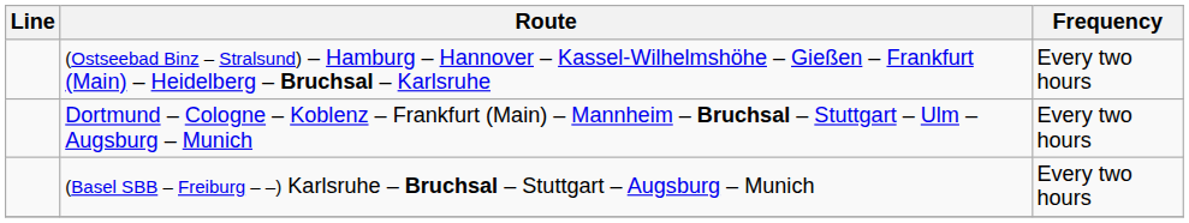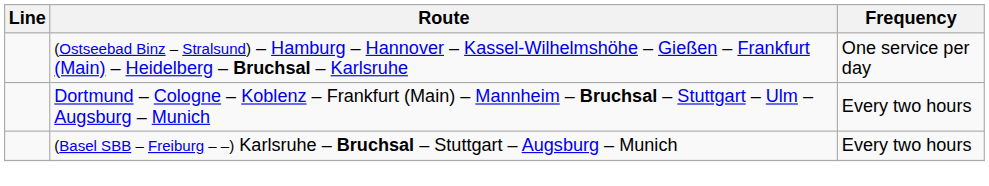 <table class="wikitable">
 <tr style="background-color:#e3e3e3;">
 <th>Line</th>
 <th>Route</th>
 <th>Frequency</th>
 </tr>
 <tr>
 <td></td>
 <td><small>(<a href='#'>Ostseebad Binz</a> – <a href='#'>Stralsund</a>)</small> – <a href='#'>Hamburg</a> – <a href='#'>Hannover</a> – <a href='#'>Kassel-Wilhelmshöhe</a> – <a href='#'>Gießen</a> – <a href='#'>Frankfurt (Main)</a> – <a href='#'>Heidelberg</a> – <strong>Bruchsal</strong> – <a href='#'>Karlsruhe</a></td>
-<td>Every two hours</td>
+<td>One service per day</td>
 </tr>
 <tr>
 <td></td>
 <td><a href='#'>Dortmund</a> – <a href='#'>Cologne</a> – <a href='#'>Koblenz</a> – Frankfurt (Main) – <a href='#'>Mannheim</a> – <strong>Bruchsal</strong> – <a href='#'>Stuttgart</a> – <a href='#'>Ulm</a> – <a href='#'>Augsburg</a> – <a href='#'>Munich</a></td>
 <td>Every two hours</td>
 </tr>
 <tr>
 <td></td>
 <td><small>(<a href='#'>Basel SBB</a> – <a href='#'>Freiburg</a> –  –)</small> Karlsruhe – <strong>Bruchsal</strong> – Stuttgart – <a href='#'>Augsburg</a> – Munich</td>
 <td>Every two hours</td>
 </tr>
 <tr>
 </tr>
 </table>
